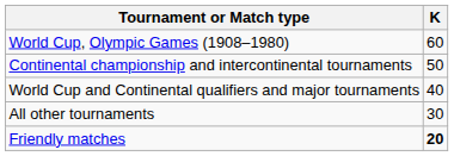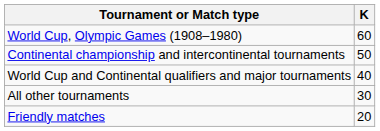 <table class="wikitable" style="font-size: 90%;">
 <tr>
 <th>Tournament or Match type</th>
 <th>K</th>
 </tr>
 <tr>
 <td><a href='#'>World Cup</a>, <a href='#'>Olympic Games</a> (1908–1980)</td>
 <td>60</td>
 </tr>
 <tr>
 <td><a href='#'>Continental championship</a> and intercontinental tournaments</td>
 <td>50</td>
 </tr>
 <tr>
 <td>World Cup and Continental qualifiers and major tournaments</td>
 <td>40</td>
 </tr>
 <tr>
 <td>All other tournaments</td>
 <td>30</td>
 </tr>
 <tr>
 <td><a href='#'>Friendly matches</a></td>
-<td><strong>20</strong></td>
+<td>20</td>
 </tr>
 </table>
